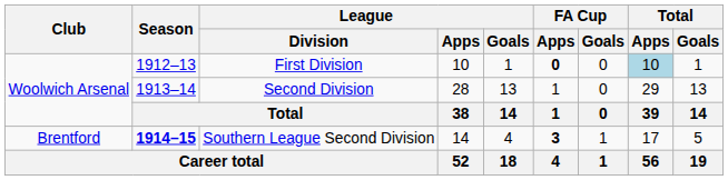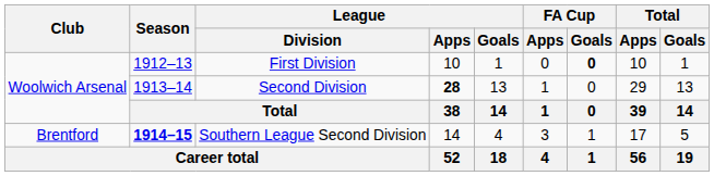 <table class="wikitable" style="text-align: center;">
 <tr>
 <th rowspan="2">Club</th>
 <th rowspan="2">Season</th>
 <th colspan="3">League</th>
 <th colspan="2">FA Cup</th>
 <th colspan="2">Total</th>
 </tr>
 <tr>
 <th>Division</th>
 <th>Apps</th>
 <th>Goals</th>
 <th>Apps</th>
 <th>Goals</th>
 <th>Apps</th>
 <th>Goals</th>
 </tr>
 <tr>
 <td rowspan="3"><a href='#'>Woolwich Arsenal</a></td>
 <td><a href='#'>1912–13</a></td>
 <td><a href='#'>First Division</a></td>
 <td>10</td>
 <td>1</td>
+<td>0</td>
 <td><strong>0</strong></td>
-<td>0</td>
-<td style="background: lightblue;">10</td>
+<td>10</td>
 <td>1</td>
 </tr>
 <tr>
 <td><a href='#'>1913–14</a></td>
 <td><a href='#'>Second Division</a></td>
-<td>28</td>
+<td><strong>28</strong></td>
 <td>13</td>
 <td>1</td>
 <td>0</td>
 <td>29</td>
 <td>13</td>
 </tr>
 <tr>
 <th colspan="2">Total</th>
 <th>38</th>
 <th>14</th>
 <th>1</th>
 <th>0</th>
 <th>39</th>
 <th>14</th>
 </tr>
 <tr>
 <td><a href='#'>Brentford</a></td>
 <td><strong><a href='#'>1914–15</a></strong></td>
 <td><a href='#'>Southern League</a> Second Division</td>
 <td>14</td>
 <td>4</td>
-<td><strong>3</strong></td>
+<td>3</td>
 <td>1</td>
 <td>17</td>
 <td>5</td>
 </tr>
 <tr>
 <th colspan="3">Career total</th>
 <th>52</th>
 <th>18</th>
 <th>4</th>
 <th>1</th>
 <th>56</th>
 <th>19</th>
 </tr>
 </table>
